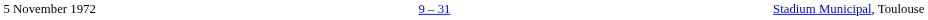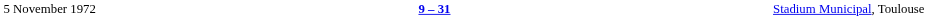 <table style="width:100%;" cellspacing="1">
 <tr>
 <th width=15%></th>
 <th width=25%></th>
 <th width=10%></th>
 <th width=25%></th>
 </tr>
 <tr style=font-size:90%>
 <td align=right>5 November 1972</td>
 <td align=right></td>
-<td align=center><a href='#'>9 – 31</a></td>
+<td align=center><strong><a href='#'>9 – 31</a></strong></td>
 <td></td>
 <td><a href='#'>Stadium Municipal</a>, Toulouse</td>
 </tr>
 </table>
